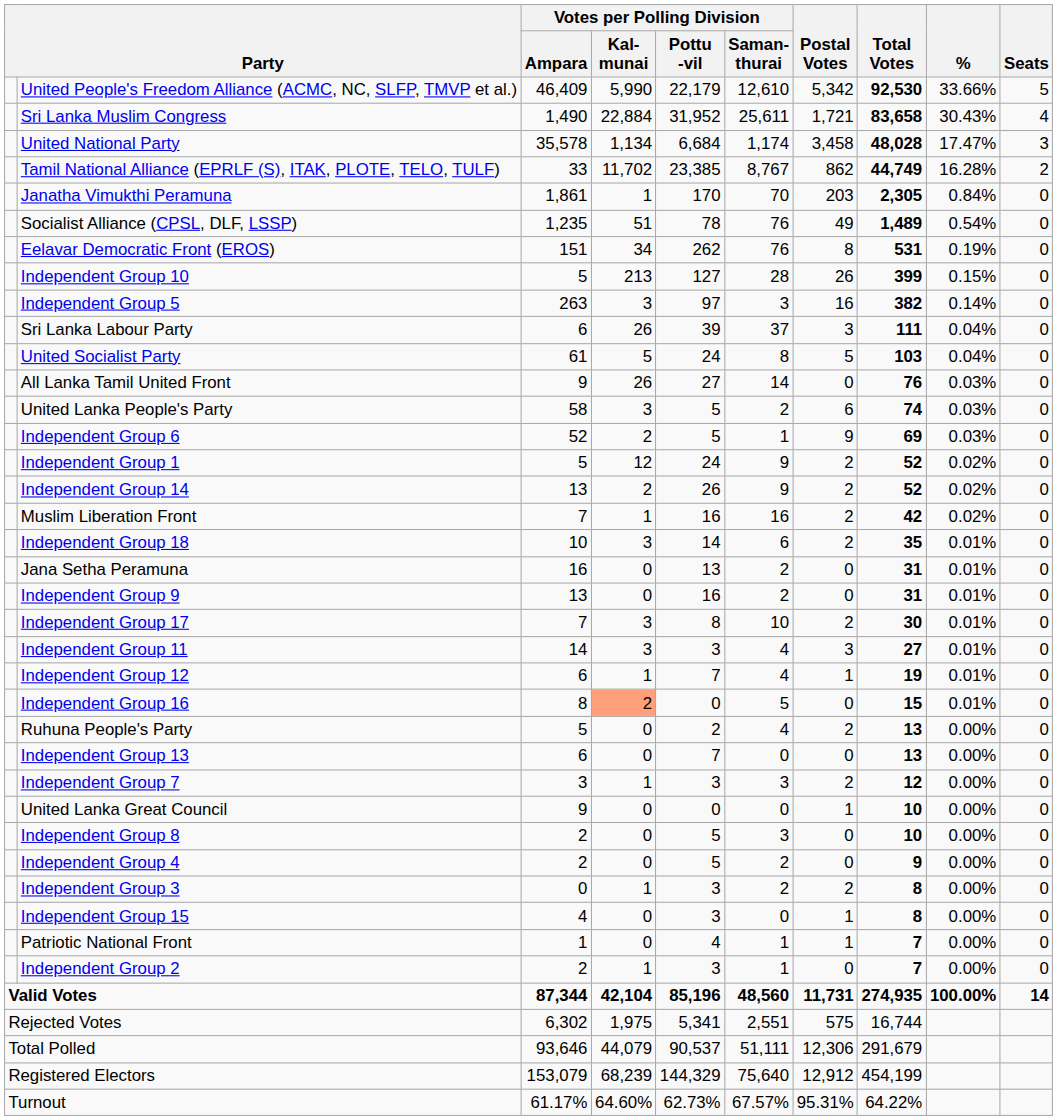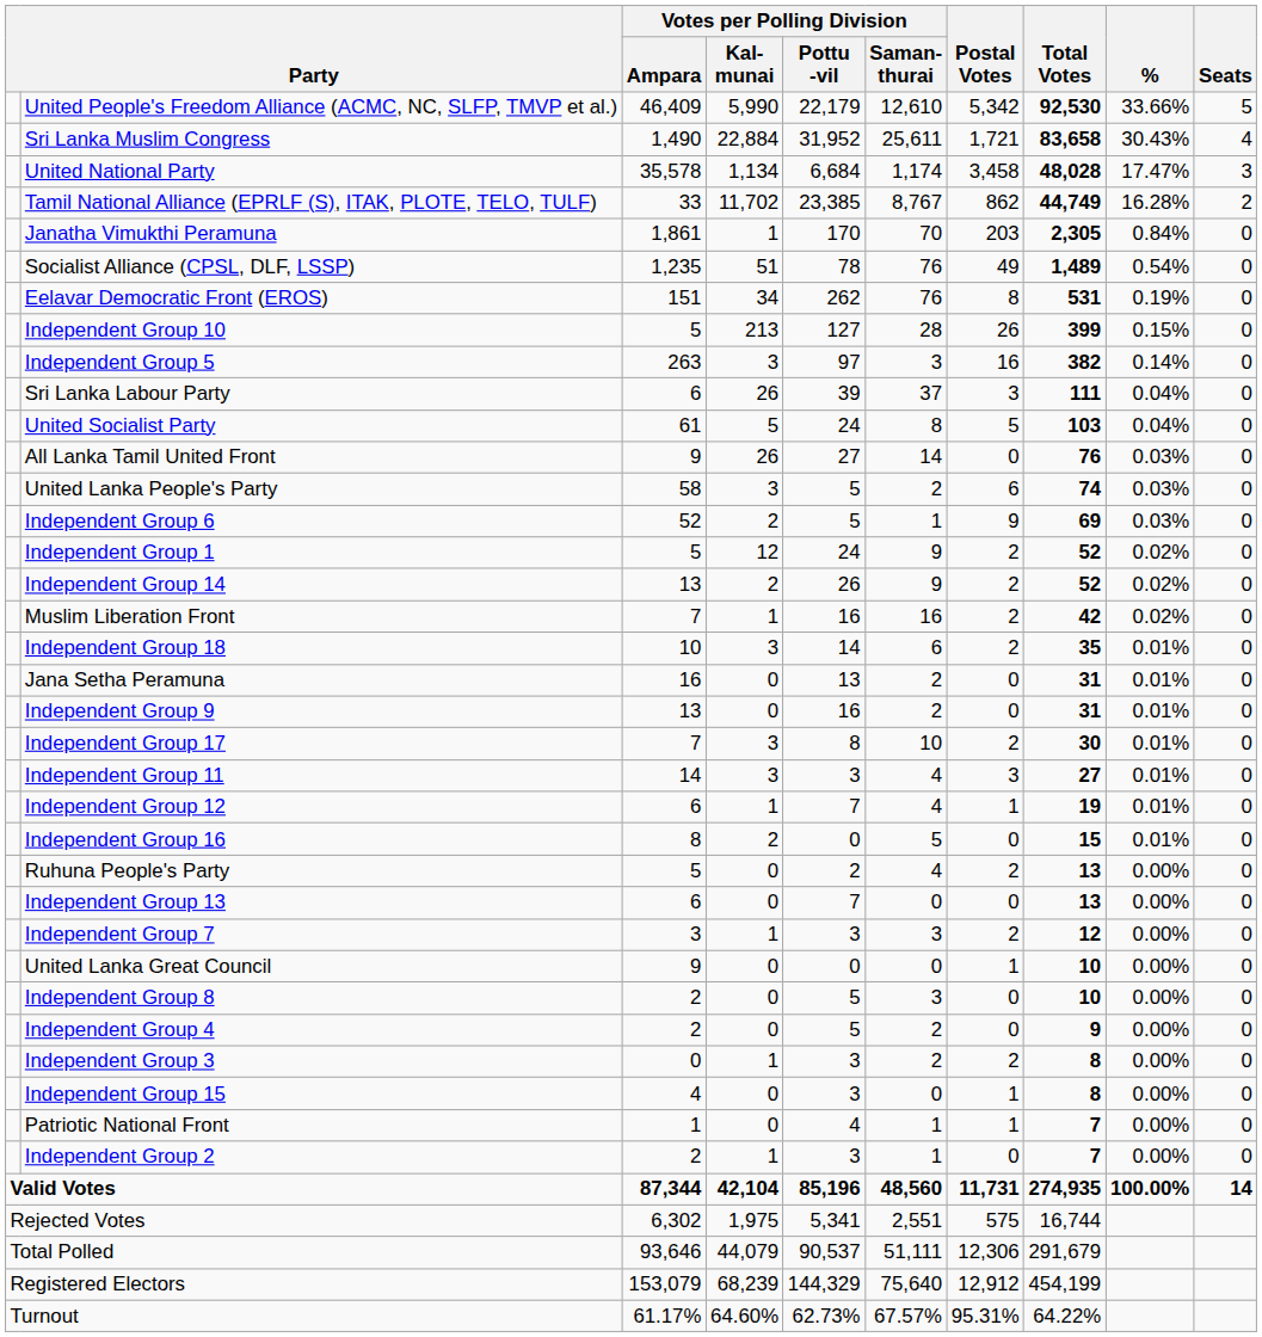 <table class="wikitable" border="1" style="text-align:right;">
 <tr>
 <th align=left valign=bottom rowspan=2 colspan=2>Party</th>
 <th colspan=4>Votes per Polling Division</th>
 <th align=center valign=bottom rowspan=2 width="50">Postal<br>Votes</th>
 <th align=center valign=bottom rowspan=2 width="50">Total Votes</th>
 <th align=center valign=bottom rowspan=2 width="50">%</th>
 <th align=center valign=bottom rowspan=2 width="40">Seats</th>
 </tr>
 <tr>
 <th align=center valign=bottom width="50">Ampara</th>
 <th align=center valign=bottom width="50">Kal-<br>munai</th>
 <th align=center valign=bottom width="50">Pottu<br>-vil</th>
 <th align=center valign=bottom width="50">Saman-<br>thurai</th>
 </tr>
 <tr>
 <td bgcolor=> </td>
 <td align=left><a href='#'>United People's Freedom Alliance</a> (<a href='#'>ACMC</a>, NC, <a href='#'>SLFP</a>, <a href='#'>TMVP</a> et al.)</td>
 <td>46,409</td>
 <td>5,990</td>
 <td>22,179</td>
 <td>12,610</td>
 <td>5,342</td>
 <td><strong>92,530</strong></td>
 <td>33.66%</td>
 <td>5</td>
 </tr>
 <tr>
 <td bgcolor=> </td>
 <td align=left><a href='#'>Sri Lanka Muslim Congress</a></td>
 <td>1,490</td>
 <td>22,884</td>
 <td>31,952</td>
 <td>25,611</td>
 <td>1,721</td>
 <td><strong>83,658</strong></td>
 <td>30.43%</td>
 <td>4</td>
 </tr>
 <tr>
 <td bgcolor=> </td>
 <td align=left><a href='#'>United National Party</a></td>
 <td>35,578</td>
 <td>1,134</td>
 <td>6,684</td>
 <td>1,174</td>
 <td>3,458</td>
 <td><strong>48,028</strong></td>
 <td>17.47%</td>
 <td>3</td>
 </tr>
 <tr>
 <td bgcolor=> </td>
 <td align=left><a href='#'>Tamil National Alliance</a> (<a href='#'>EPRLF (S)</a>, <a href='#'>ITAK</a>, <a href='#'>PLOTE</a>, <a href='#'>TELO</a>, <a href='#'>TULF</a>)</td>
 <td>33</td>
 <td>11,702</td>
 <td>23,385</td>
 <td>8,767</td>
 <td>862</td>
 <td><strong>44,749</strong></td>
 <td>16.28%</td>
 <td>2</td>
 </tr>
 <tr>
 <td bgcolor=> </td>
 <td align=left><a href='#'>Janatha Vimukthi Peramuna</a></td>
 <td>1,861</td>
 <td>1</td>
 <td>170</td>
 <td>70</td>
 <td>203</td>
 <td><strong>2,305</strong></td>
 <td>0.84%</td>
 <td>0</td>
 </tr>
 <tr>
 <td></td>
 <td align=left>Socialist Alliance (<a href='#'>CPSL</a>, DLF, <a href='#'>LSSP</a>)</td>
 <td>1,235</td>
 <td>51</td>
 <td>78</td>
 <td>76</td>
 <td>49</td>
 <td><strong>1,489</strong></td>
 <td>0.54%</td>
 <td>0</td>
 </tr>
 <tr>
 <td bgcolor=> </td>
 <td align=left><a href='#'>Eelavar Democratic Front</a> (<a href='#'>EROS</a>)</td>
 <td>151</td>
 <td>34</td>
 <td>262</td>
 <td>76</td>
 <td>8</td>
 <td><strong>531</strong></td>
 <td>0.19%</td>
 <td>0</td>
 </tr>
 <tr>
 <td bgcolor=> </td>
 <td align=left><a href='#'>Independent Group 10</a></td>
 <td>5</td>
 <td>213</td>
 <td>127</td>
 <td>28</td>
 <td>26</td>
 <td><strong>399</strong></td>
 <td>0.15%</td>
 <td>0</td>
 </tr>
 <tr>
 <td bgcolor=> </td>
 <td align=left><a href='#'>Independent Group 5</a></td>
 <td>263</td>
 <td>3</td>
 <td>97</td>
 <td>3</td>
 <td>16</td>
 <td><strong>382</strong></td>
 <td>0.14%</td>
 <td>0</td>
 </tr>
 <tr>
 <td></td>
 <td align=left>Sri Lanka Labour Party</td>
 <td>6</td>
 <td>26</td>
 <td>39</td>
 <td>37</td>
 <td>3</td>
 <td><strong>111</strong></td>
 <td>0.04%</td>
 <td>0</td>
 </tr>
 <tr>
 <td></td>
 <td align=left><a href='#'>United Socialist Party</a></td>
 <td>61</td>
 <td>5</td>
 <td>24</td>
 <td>8</td>
 <td>5</td>
 <td><strong>103</strong></td>
 <td>0.04%</td>
 <td>0</td>
 </tr>
 <tr>
 <td></td>
 <td align=left>All Lanka Tamil United Front</td>
 <td>9</td>
 <td>26</td>
 <td>27</td>
 <td>14</td>
 <td>0</td>
 <td><strong>76</strong></td>
 <td>0.03%</td>
 <td>0</td>
 </tr>
 <tr>
 <td></td>
 <td align=left>United Lanka People's Party</td>
 <td>58</td>
 <td>3</td>
 <td>5</td>
 <td>2</td>
 <td>6</td>
 <td><strong>74</strong></td>
 <td>0.03%</td>
 <td>0</td>
 </tr>
 <tr>
 <td bgcolor=> </td>
 <td align=left><a href='#'>Independent Group 6</a></td>
 <td>52</td>
 <td>2</td>
 <td>5</td>
 <td>1</td>
 <td>9</td>
 <td><strong>69</strong></td>
 <td>0.03%</td>
 <td>0</td>
 </tr>
 <tr>
 <td bgcolor=> </td>
 <td align=left><a href='#'>Independent Group 1</a></td>
 <td>5</td>
 <td>12</td>
 <td>24</td>
 <td>9</td>
 <td>2</td>
 <td><strong>52</strong></td>
 <td>0.02%</td>
 <td>0</td>
 </tr>
 <tr>
 <td bgcolor=> </td>
 <td align=left><a href='#'>Independent Group 14</a></td>
 <td>13</td>
 <td>2</td>
 <td>26</td>
 <td>9</td>
 <td>2</td>
 <td><strong>52</strong></td>
 <td>0.02%</td>
 <td>0</td>
 </tr>
 <tr>
 <td></td>
 <td align=left>Muslim Liberation Front</td>
 <td>7</td>
 <td>1</td>
 <td>16</td>
 <td>16</td>
 <td>2</td>
 <td><strong>42</strong></td>
 <td>0.02%</td>
 <td>0</td>
 </tr>
 <tr>
 <td bgcolor=> </td>
 <td align=left><a href='#'>Independent Group 18</a></td>
 <td>10</td>
 <td>3</td>
 <td>14</td>
 <td>6</td>
 <td>2</td>
 <td><strong>35</strong></td>
 <td>0.01%</td>
 <td>0</td>
 </tr>
 <tr>
 <td></td>
 <td align=left>Jana Setha Peramuna</td>
 <td>16</td>
 <td>0</td>
 <td>13</td>
 <td>2</td>
 <td>0</td>
 <td><strong>31</strong></td>
 <td>0.01%</td>
 <td>0</td>
 </tr>
 <tr>
 <td bgcolor=> </td>
 <td align=left><a href='#'>Independent Group 9</a></td>
 <td>13</td>
 <td>0</td>
 <td>16</td>
 <td>2</td>
 <td>0</td>
 <td><strong>31</strong></td>
 <td>0.01%</td>
 <td>0</td>
 </tr>
 <tr>
 <td bgcolor=> </td>
 <td align=left><a href='#'>Independent Group 17</a></td>
 <td>7</td>
 <td>3</td>
 <td>8</td>
 <td>10</td>
 <td>2</td>
 <td><strong>30</strong></td>
 <td>0.01%</td>
 <td>0</td>
 </tr>
 <tr>
 <td bgcolor=> </td>
 <td align=left><a href='#'>Independent Group 11</a></td>
 <td>14</td>
 <td>3</td>
 <td>3</td>
 <td>4</td>
 <td>3</td>
 <td><strong>27</strong></td>
 <td>0.01%</td>
 <td>0</td>
 </tr>
 <tr>
 <td bgcolor=> </td>
 <td align=left><a href='#'>Independent Group 12</a></td>
 <td>6</td>
 <td>1</td>
 <td>7</td>
 <td>4</td>
 <td>1</td>
 <td><strong>19</strong></td>
 <td>0.01%</td>
 <td>0</td>
 </tr>
 <tr>
 <td bgcolor=> </td>
 <td align=left><a href='#'>Independent Group 16</a></td>
 <td>8</td>
-<td style="background: lightsalmon;">2</td>
+<td>2</td>
 <td>0</td>
 <td>5</td>
 <td>0</td>
 <td><strong>15</strong></td>
 <td>0.01%</td>
 <td>0</td>
 </tr>
 <tr>
 <td></td>
 <td align=left>Ruhuna People's Party</td>
 <td>5</td>
 <td>0</td>
 <td>2</td>
 <td>4</td>
 <td>2</td>
 <td><strong>13</strong></td>
 <td>0.00%</td>
 <td>0</td>
 </tr>
 <tr>
 <td bgcolor=> </td>
 <td align=left><a href='#'>Independent Group 13</a></td>
 <td>6</td>
 <td>0</td>
 <td>7</td>
 <td>0</td>
 <td>0</td>
 <td><strong>13</strong></td>
 <td>0.00%</td>
 <td>0</td>
 </tr>
 <tr>
 <td bgcolor=> </td>
 <td align=left><a href='#'>Independent Group 7</a></td>
 <td>3</td>
 <td>1</td>
 <td>3</td>
 <td>3</td>
 <td>2</td>
 <td><strong>12</strong></td>
 <td>0.00%</td>
 <td>0</td>
 </tr>
 <tr>
 <td></td>
 <td align=left>United Lanka Great Council</td>
 <td>9</td>
 <td>0</td>
 <td>0</td>
 <td>0</td>
 <td>1</td>
 <td><strong>10</strong></td>
 <td>0.00%</td>
 <td>0</td>
 </tr>
 <tr>
 <td bgcolor=> </td>
 <td align=left><a href='#'>Independent Group 8</a></td>
 <td>2</td>
 <td>0</td>
 <td>5</td>
 <td>3</td>
 <td>0</td>
 <td><strong>10</strong></td>
 <td>0.00%</td>
 <td>0</td>
 </tr>
 <tr>
 <td bgcolor=> </td>
 <td align=left><a href='#'>Independent Group 4</a></td>
 <td>2</td>
 <td>0</td>
 <td>5</td>
 <td>2</td>
 <td>0</td>
 <td><strong>9</strong></td>
 <td>0.00%</td>
 <td>0</td>
 </tr>
 <tr>
 <td bgcolor=> </td>
 <td align=left><a href='#'>Independent Group 3</a></td>
 <td>0</td>
 <td>1</td>
 <td>3</td>
 <td>2</td>
 <td>2</td>
 <td><strong>8</strong></td>
 <td>0.00%</td>
 <td>0</td>
 </tr>
 <tr>
 <td bgcolor=> </td>
 <td align=left><a href='#'>Independent Group 15</a></td>
 <td>4</td>
 <td>0</td>
 <td>3</td>
 <td>0</td>
 <td>1</td>
 <td><strong>8</strong></td>
 <td>0.00%</td>
 <td>0</td>
 </tr>
 <tr>
 <td></td>
 <td align=left>Patriotic National Front</td>
 <td>1</td>
 <td>0</td>
 <td>4</td>
 <td>1</td>
 <td>1</td>
 <td><strong>7</strong></td>
 <td>0.00%</td>
 <td>0</td>
 </tr>
 <tr>
 <td bgcolor=> </td>
 <td align=left><a href='#'>Independent Group 2</a></td>
 <td>2</td>
 <td>1</td>
 <td>3</td>
 <td>1</td>
 <td>0</td>
 <td><strong>7</strong></td>
 <td>0.00%</td>
 <td>0</td>
 </tr>
 <tr>
 <td align=left colspan=2><strong>Valid Votes</strong></td>
 <td><strong>87,344</strong></td>
 <td><strong>42,104</strong></td>
 <td><strong>85,196</strong></td>
 <td><strong>48,560</strong></td>
 <td><strong>11,731</strong></td>
 <td><strong>274,935</strong></td>
 <td><strong>100.00%</strong></td>
 <td><strong>14</strong></td>
 </tr>
 <tr>
 <td align=left colspan=2>Rejected Votes</td>
 <td>6,302</td>
 <td>1,975</td>
 <td>5,341</td>
 <td>2,551</td>
 <td>575</td>
 <td>16,744</td>
 <td></td>
 <td></td>
 </tr>
 <tr>
 <td align=left colspan=2>Total Polled</td>
 <td>93,646</td>
 <td>44,079</td>
 <td>90,537</td>
 <td>51,111</td>
 <td>12,306</td>
 <td>291,679</td>
 <td></td>
 <td></td>
 </tr>
 <tr>
 <td align=left colspan=2>Registered Electors</td>
 <td>153,079</td>
 <td>68,239</td>
 <td>144,329</td>
 <td>75,640</td>
 <td>12,912</td>
 <td>454,199</td>
 <td></td>
 <td></td>
 </tr>
 <tr>
 <td align=left colspan=2>Turnout</td>
 <td>61.17%</td>
 <td>64.60%</td>
 <td>62.73%</td>
 <td>67.57%</td>
 <td>95.31%</td>
 <td>64.22%</td>
 <td></td>
 <td></td>
 </tr>
 </table>
